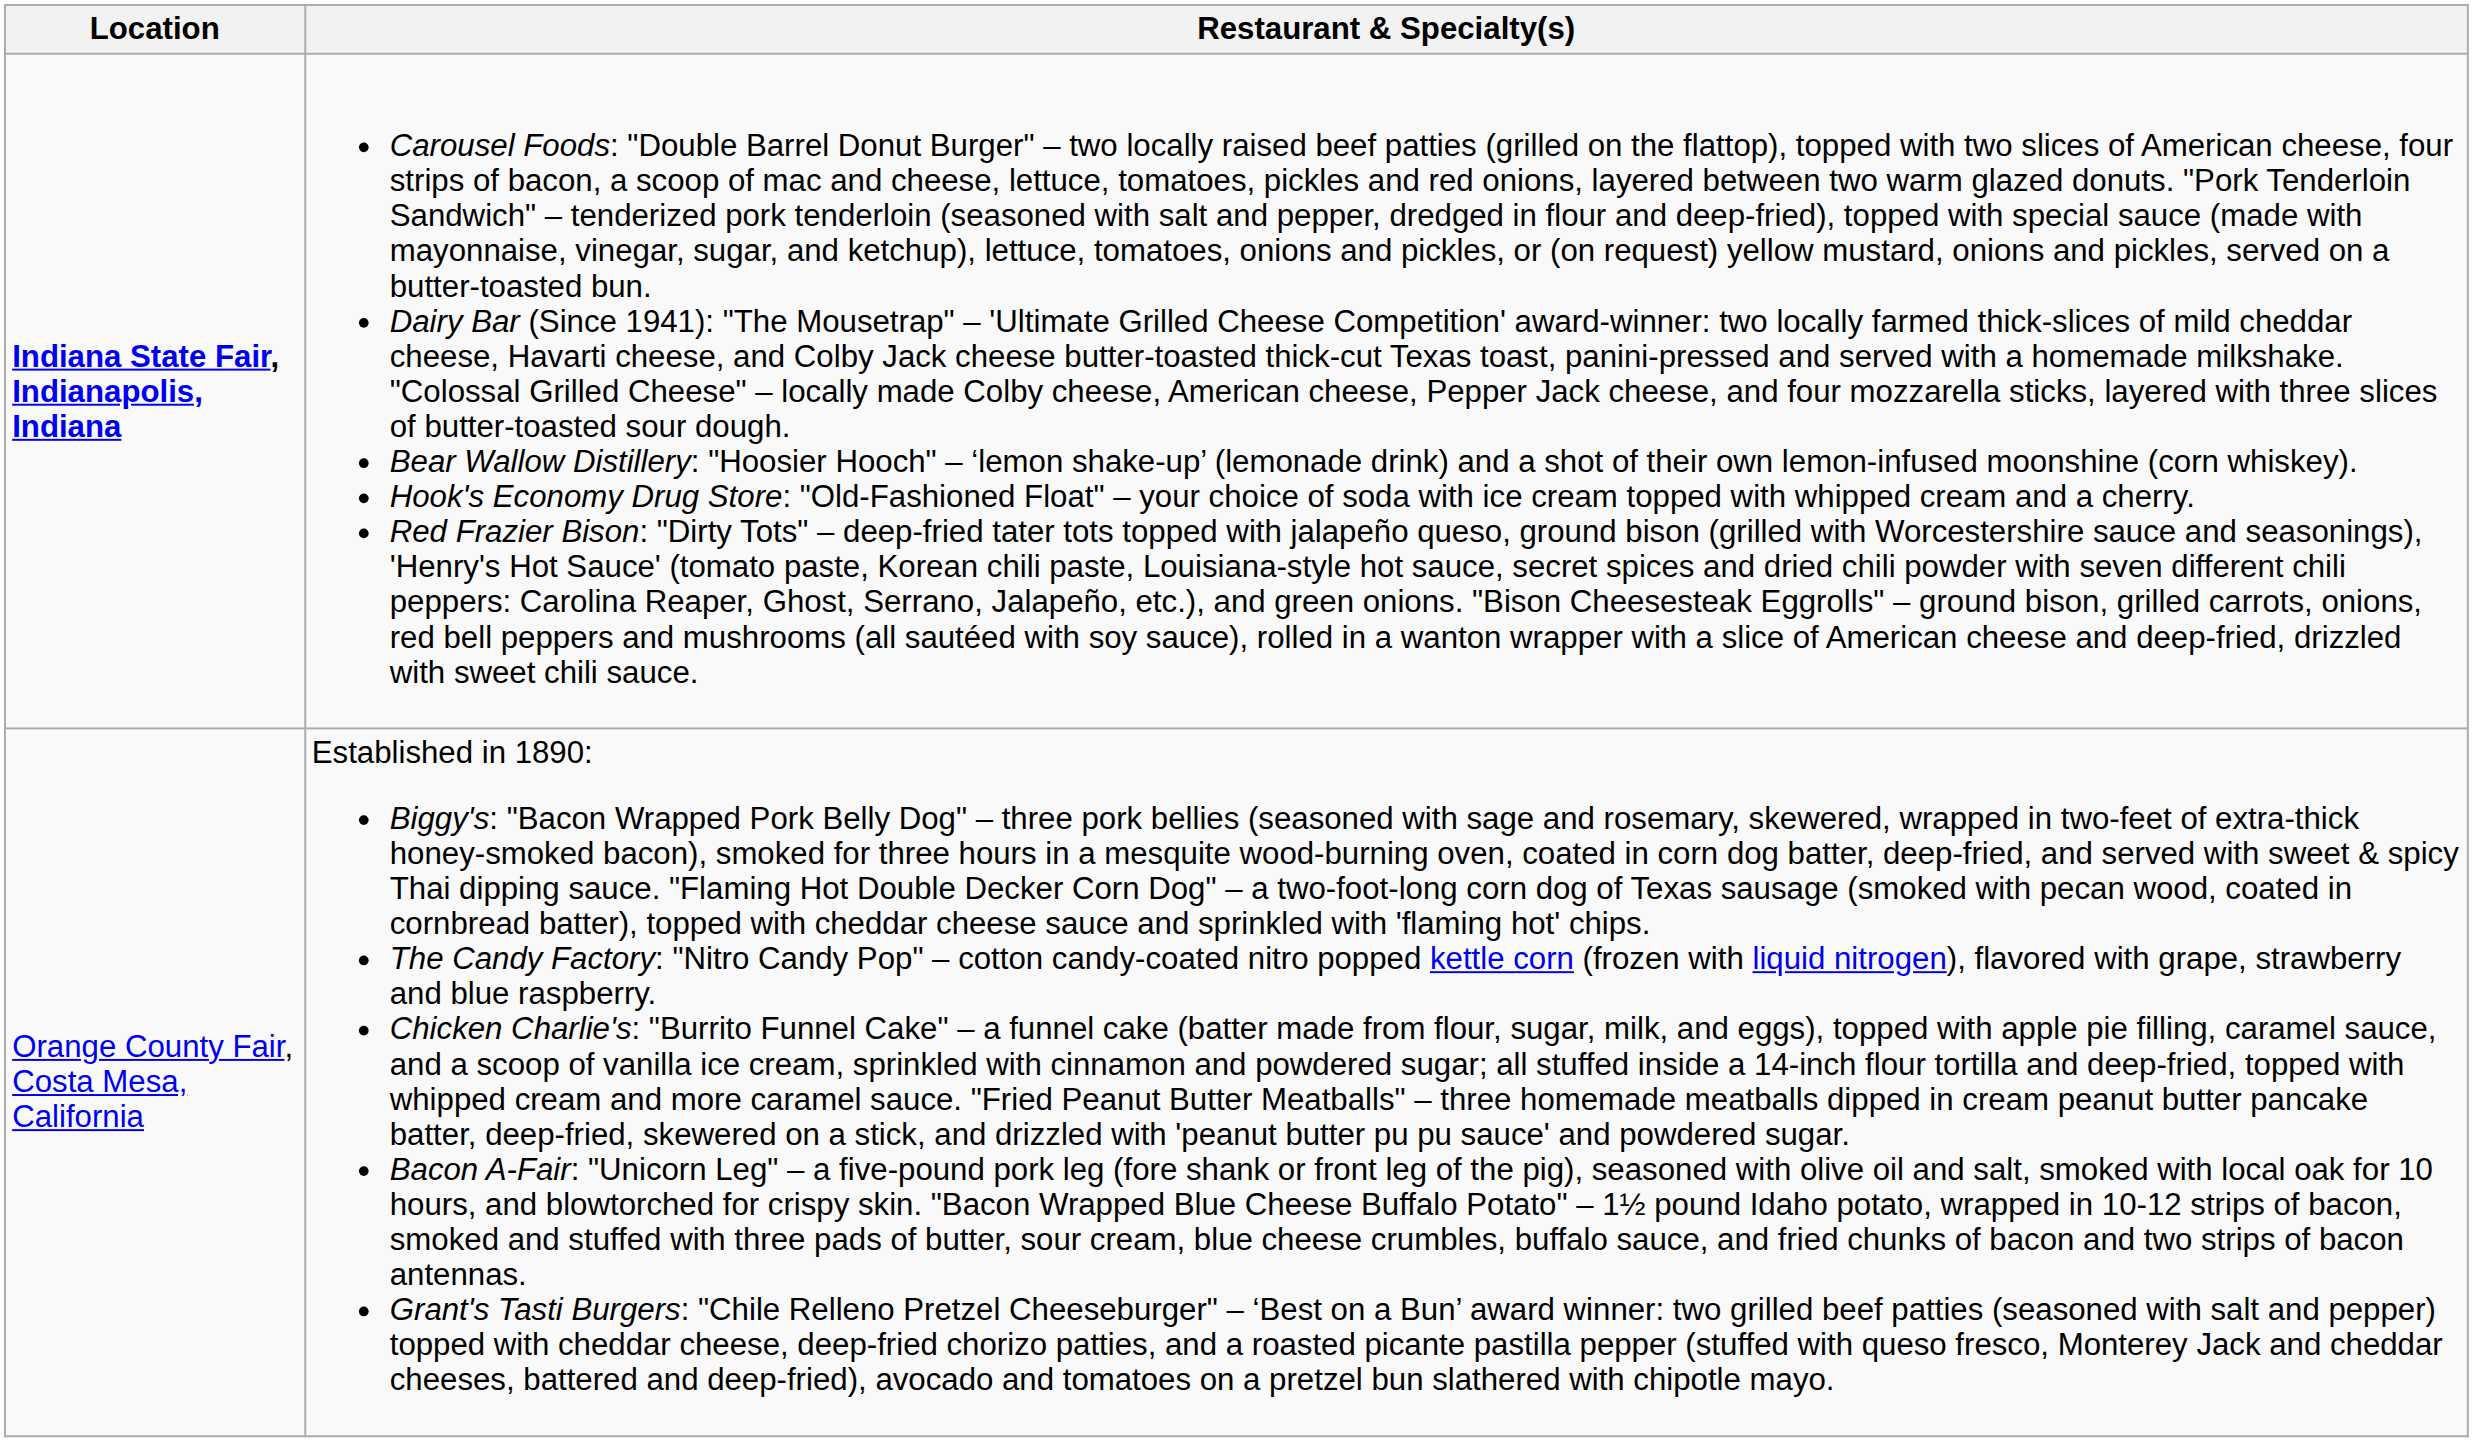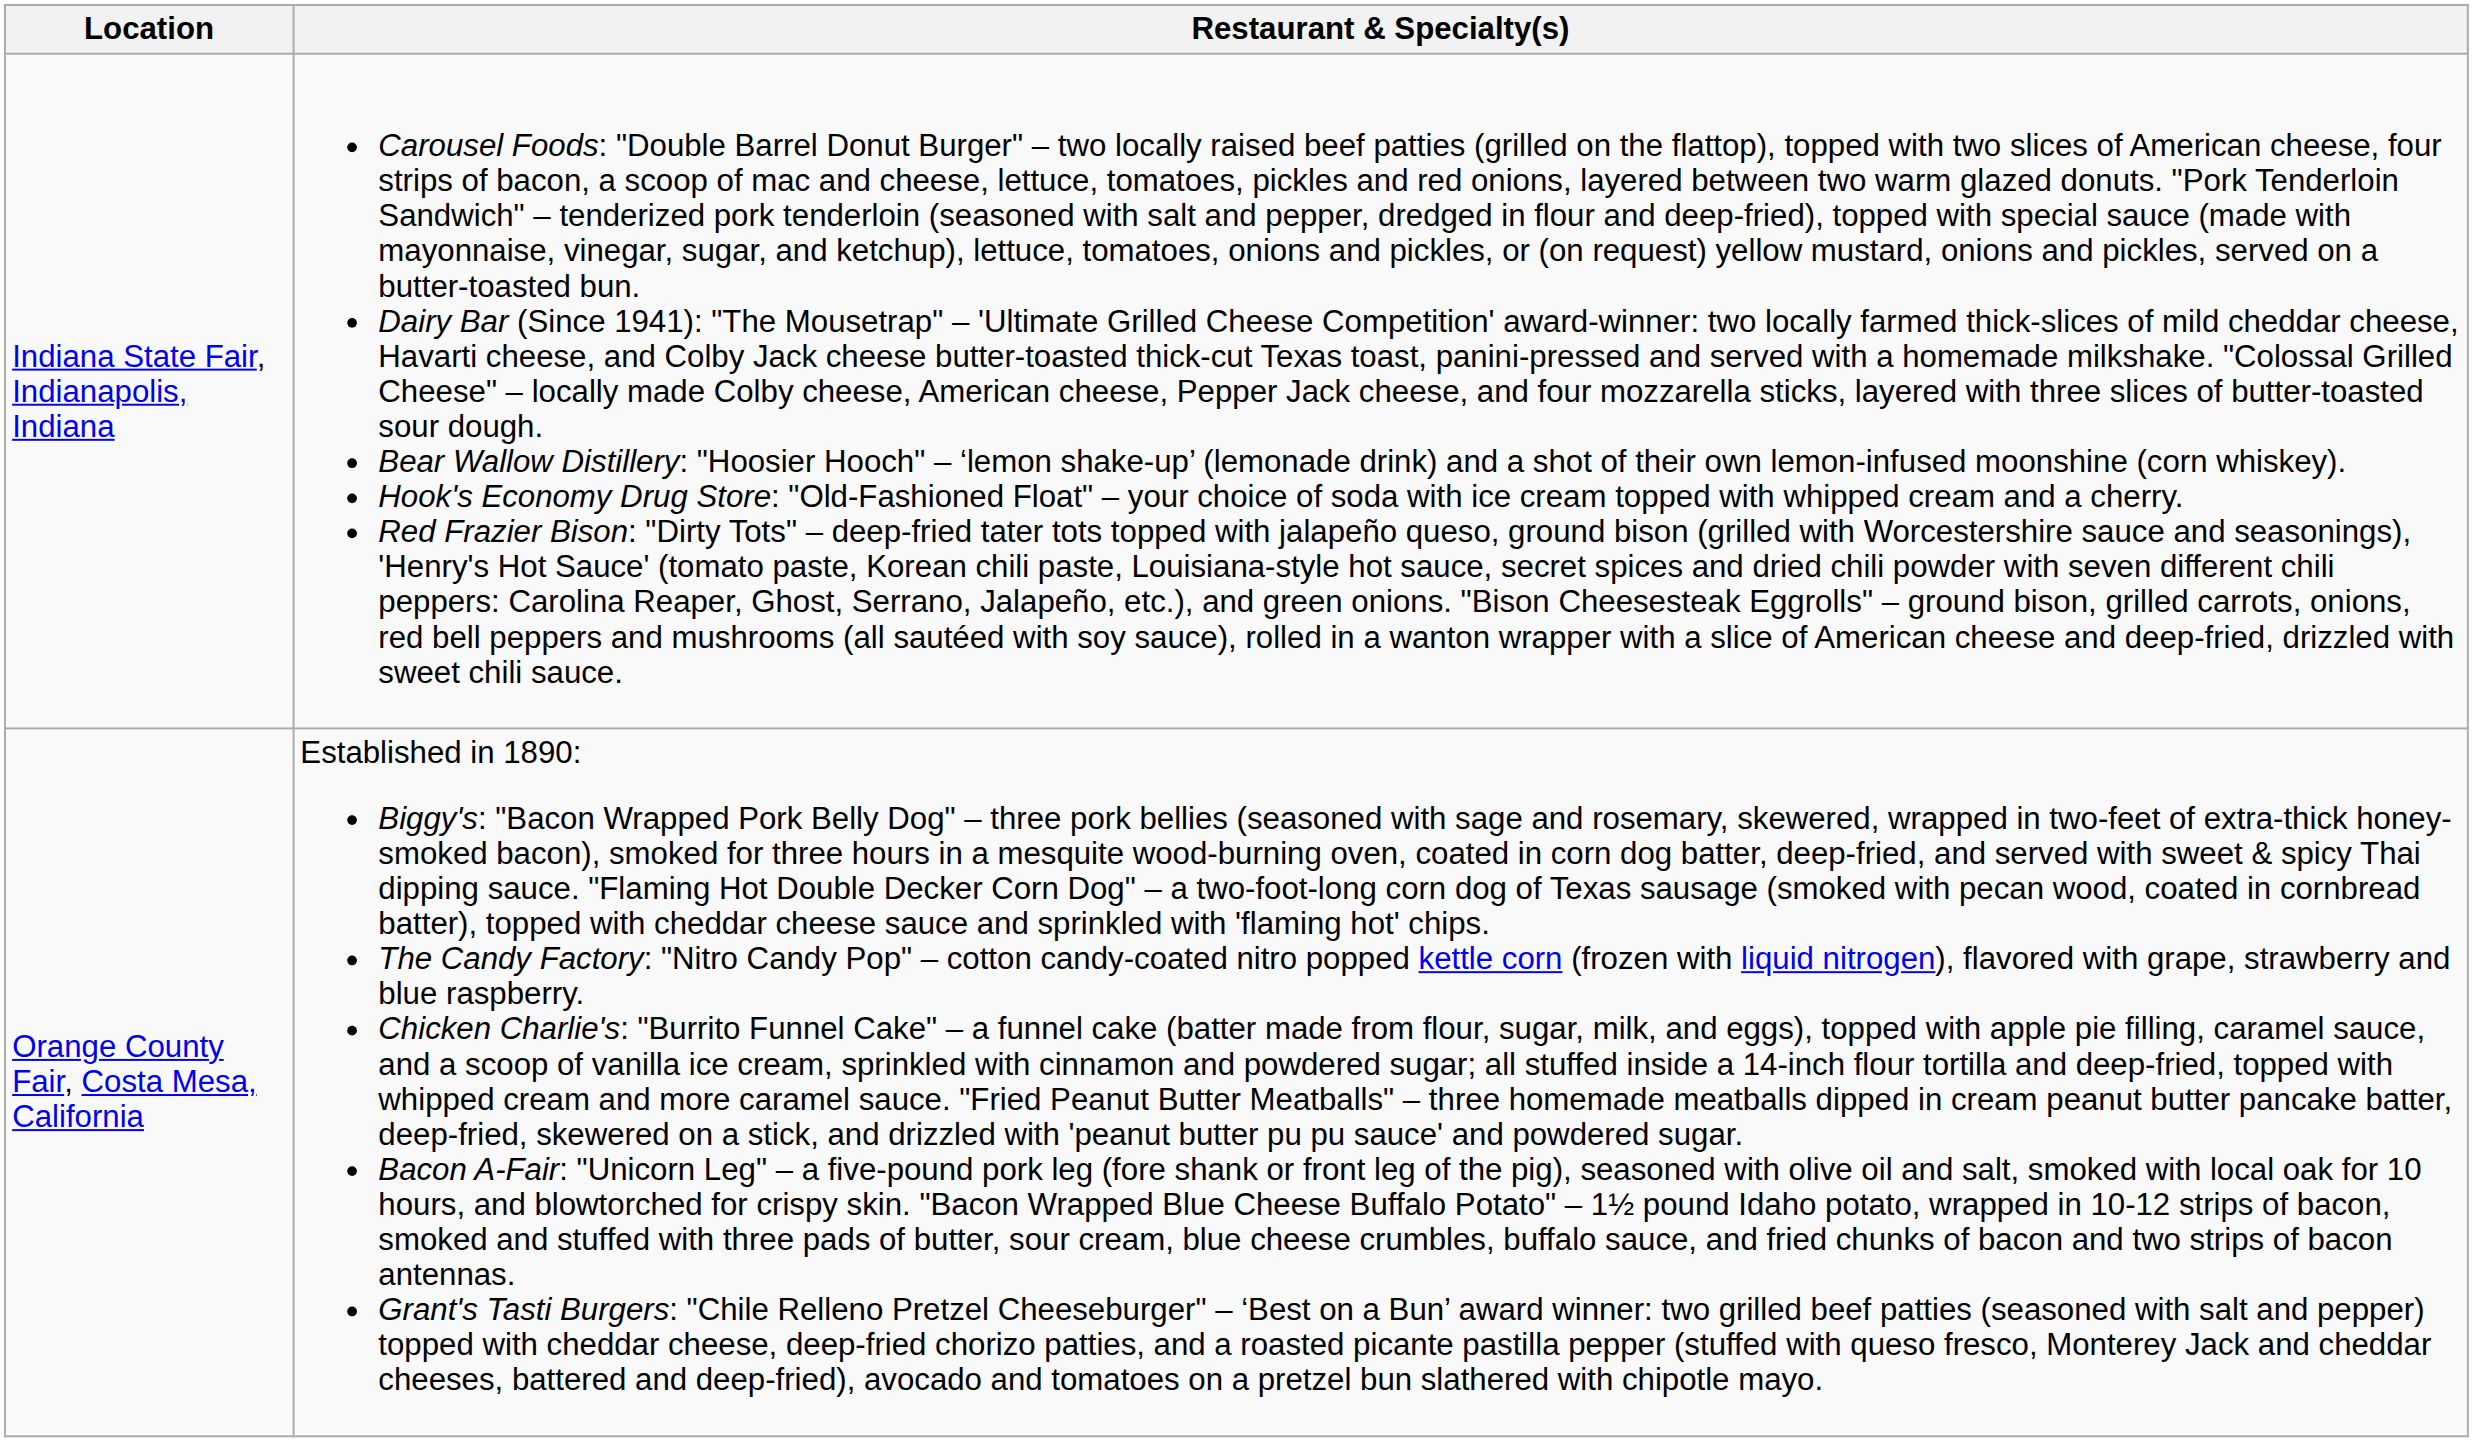 <table class="wikitable" style="width:100%;">
 <tr>
 <th>Location</th>
 <th>Restaurant & Specialty(s)</th>
 </tr>
 <tr>
-<td><strong><a href='#'>Indiana State Fair</a>, <a href='#'>Indianapolis, Indiana</a></strong></td>
+<td><a href='#'>Indiana State Fair</a>, <a href='#'>Indianapolis, Indiana</a></td>
 <td><br><ul><li><em>Carousel Foods</em>: "Double Barrel Donut Burger" – two locally raised beef patties (grilled on the flattop), topped with two slices of American cheese, four strips of bacon, a scoop of mac and cheese, lettuce, tomatoes, pickles and red onions, layered between two warm glazed donuts. "Pork Tenderloin Sandwich" – tenderized pork tenderloin (seasoned with salt and pepper, dredged in flour and deep-fried), topped with special sauce (made with mayonnaise, vinegar, sugar, and ketchup), lettuce, tomatoes, onions and pickles, or (on request) yellow mustard, onions and pickles, served on a butter-toasted bun.</li><li><em>Dairy Bar</em> (Since 1941): "The Mousetrap" – 'Ultimate Grilled Cheese Competition' award-winner: two locally farmed thick-slices of mild cheddar cheese, Havarti cheese, and Colby Jack cheese butter-toasted thick-cut Texas toast, panini-pressed and served with a homemade milkshake. "Colossal Grilled Cheese" – locally made Colby cheese, American cheese, Pepper Jack cheese, and four mozzarella sticks, layered with three slices of butter-toasted sour dough.</li><li><em>Bear Wallow Distillery</em>: "Hoosier Hooch" – ‘lemon shake-up’ (lemonade drink) and a shot of their own lemon-infused moonshine (corn whiskey).</li><li><em>Hook's Economy Drug Store</em>: "Old-Fashioned Float" – your choice of soda with ice cream topped with whipped cream and a cherry.</li><li><em>Red Frazier Bison</em>: "Dirty Tots" – deep-fried tater tots topped with jalapeño queso, ground bison (grilled with Worcestershire sauce and seasonings), 'Henry's Hot Sauce' (tomato paste, Korean chili paste, Louisiana-style hot sauce, secret spices and dried chili powder with seven different chili peppers: Carolina Reaper, Ghost, Serrano, Jalapeño, etc.), and green onions. "Bison Cheesesteak Eggrolls" – ground bison, grilled carrots, onions, red bell peppers and mushrooms (all sautéed with soy sauce), rolled in a wanton wrapper with a slice of American cheese and deep-fried, drizzled with sweet chili sauce.</li></ul></td>
 </tr>
 <tr>
 <td><a href='#'>Orange County Fair</a>, <a href='#'>Costa Mesa, California</a></td>
 <td>Established in 1890:<br><ul><li><em>Biggy's</em>: "Bacon Wrapped Pork Belly Dog" – three pork bellies (seasoned with sage and rosemary, skewered, wrapped in two-feet of extra-thick honey-smoked bacon), smoked for three hours in a mesquite wood-burning oven, coated in corn dog batter, deep-fried, and served with sweet & spicy Thai dipping sauce. "Flaming Hot Double Decker Corn Dog" – a two-foot-long corn dog of Texas sausage (smoked with pecan wood, coated in cornbread batter), topped with cheddar cheese sauce and sprinkled with 'flaming hot' chips.</li><li><em>The Candy Factory</em>: "Nitro Candy Pop" – cotton candy-coated nitro popped <a href='#'>kettle corn</a> (frozen with <a href='#'>liquid nitrogen</a>), flavored with grape, strawberry and blue raspberry.</li><li><em>Chicken Charlie's</em>: "Burrito Funnel Cake" – a funnel cake (batter made from flour, sugar, milk, and eggs), topped with apple pie filling, caramel sauce, and a scoop of vanilla ice cream, sprinkled with cinnamon and powdered sugar; all stuffed inside a 14-inch flour tortilla and deep-fried, topped with whipped cream and more caramel sauce. "Fried Peanut Butter Meatballs" – three homemade meatballs dipped in cream peanut butter pancake batter, deep-fried, skewered on a stick, and drizzled with 'peanut butter pu pu sauce' and powdered sugar.</li><li><em>Bacon A-Fair</em>: "Unicorn Leg" – a five-pound pork leg (fore shank or front leg of the pig), seasoned with olive oil and salt, smoked with local oak for 10 hours, and blowtorched for crispy skin. "Bacon Wrapped Blue Cheese Buffalo Potato" – 1½ pound Idaho potato, wrapped in 10-12 strips of bacon, smoked and stuffed with three pads of butter, sour cream, blue cheese crumbles, buffalo sauce, and fried chunks of bacon and two strips of bacon antennas.</li><li><em>Grant's Tasti Burgers</em>: "Chile Relleno Pretzel Cheeseburger" – ‘Best on a Bun’ award winner: two grilled beef patties (seasoned with salt and pepper) topped with cheddar cheese, deep-fried chorizo patties, and a roasted picante pastilla pepper (stuffed with queso fresco, Monterey Jack and cheddar cheeses, battered and deep-fried), avocado and tomatoes on a pretzel bun slathered with chipotle mayo.</li></ul></td>
 </tr>
 </table>
